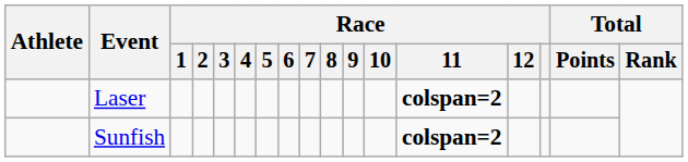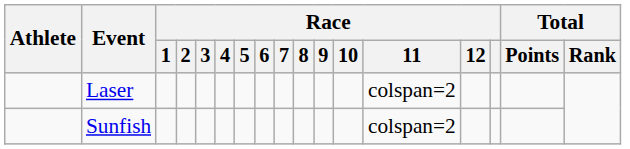 <table class=wikitable style=font-size:90%;text-align:center>
 <tr>
 <th rowspan=2>Athlete</th>
 <th rowspan=2>Event</th>
 <th colspan=13>Race</th>
 <th colspan=2>Total</th>
 </tr>
 <tr style=font-size:95%>
 <th>1</th>
 <th>2</th>
 <th>3</th>
 <th>4</th>
 <th>5</th>
 <th>6</th>
 <th>7</th>
 <th>8</th>
 <th>9</th>
 <th>10</th>
 <th>11</th>
 <th>12</th>
 <th></th>
 <th>Points</th>
 <th>Rank</th>
 </tr>
 <tr>
 <td align=left></td>
 <td align=left><a href='#'>Laser</a></td>
 <td></td>
 <td></td>
 <td></td>
 <td></td>
 <td></td>
 <td></td>
 <td></td>
 <td></td>
 <td></td>
 <td></td>
-<td><strong>colspan=2 </strong></td>
+<td>colspan=2 </td>
 <td></td>
 <td></td>
 <td></td>
 </tr>
 <tr>
 <td align=left></td>
 <td align=left><a href='#'>Sunfish</a></td>
 <td></td>
 <td></td>
 <td></td>
 <td></td>
 <td></td>
 <td></td>
 <td></td>
 <td></td>
 <td></td>
 <td></td>
-<td><strong>colspan=2 </strong></td>
+<td>colspan=2 </td>
 <td></td>
 <td></td>
 <td></td>
 </tr>
 </table>
